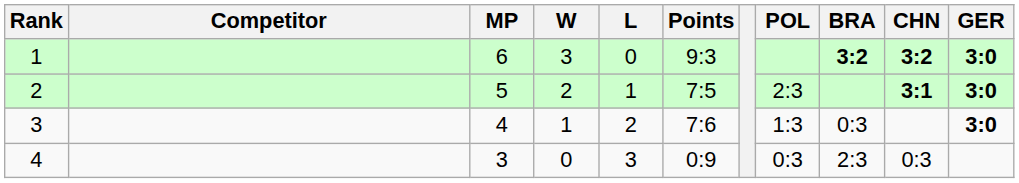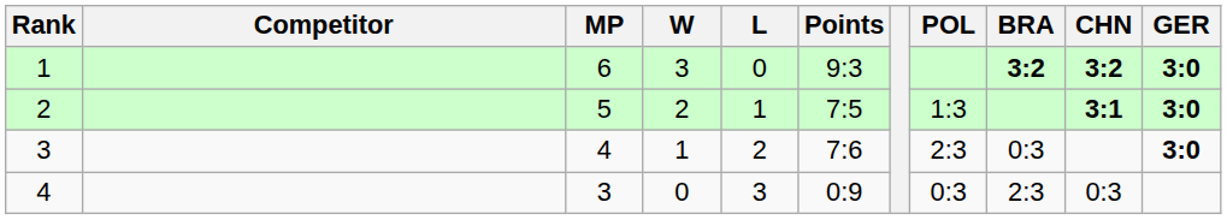 <table class="wikitable" style="text-align:center">
 <tr>
 <th>Rank</th>
 <th style="width:18em">Competitor</th>
 <th style="width:2.5em">MP</th>
 <th style="width:2.5em">W</th>
 <th style="width:2.5em">L</th>
 <th>Points</th>
 <th rowspan="5"> </th>
 <th style="width:2.5em">POL</th>
 <th style="width:2.5em">BRA</th>
 <th style="width:2.5em">CHN</th>
 <th style="width:2.5em">GER</th>
 </tr>
 <tr style="background:#cfc;">
 <td>1</td>
 <td style="text-align:left"></td>
 <td>6</td>
 <td>3</td>
 <td>0</td>
 <td>9:3</td>
 <td></td>
 <td><strong>3:2</strong></td>
 <td><strong>3:2</strong></td>
 <td><strong>3:0</strong></td>
 </tr>
 <tr style="background:#cfc;">
 <td>2</td>
 <td style="text-align:left"></td>
 <td>5</td>
 <td>2</td>
 <td>1</td>
 <td>7:5</td>
-<td>2:3</td>
+<td>1:3</td>
 <td></td>
 <td><strong>3:1</strong></td>
 <td><strong>3:0</strong></td>
 </tr>
 <tr>
 <td>3</td>
 <td style="text-align:left"></td>
 <td>4</td>
 <td>1</td>
 <td>2</td>
 <td>7:6</td>
-<td>1:3</td>
+<td>2:3</td>
 <td>0:3</td>
 <td></td>
 <td><strong>3:0</strong></td>
 </tr>
 <tr>
 <td>4</td>
 <td style="text-align:left"></td>
 <td>3</td>
 <td>0</td>
 <td>3</td>
 <td>0:9</td>
 <td>0:3</td>
 <td>2:3</td>
 <td>0:3</td>
 <td></td>
 </tr>
 </table>
